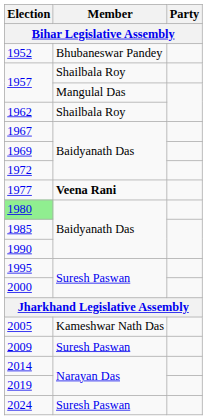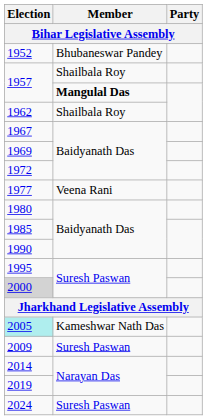 <table class="wikitable sortable">
 <tr>
 <th>Election</th>
 <th>Member</th>
 <th colspan=2>Party</th>
 </tr>
 <tr>
 <th colspan=4><a href='#'>Bihar Legislative Assembly</a></th>
 </tr>
 <tr>
 <td><a href='#'>1952</a></td>
 <td>Bhubaneswar Pandey</td>
 <td></td>
 </tr>
 <tr>
 <td rowspan=2><a href='#'>1957</a></td>
 <td>Shailbala Roy</td>
 <td></td>
 </tr>
 <tr>
-<td>Mangulal Das</td>
+<td><strong>Mangulal Das</strong></td>
 </tr>
 <tr>
 <td><a href='#'>1962</a></td>
 <td>Shailbala Roy</td>
 </tr>
 <tr>
 <td><a href='#'>1967</a></td>
 <td rowspan=3>Baidyanath Das</td>
 <td></td>
 </tr>
 <tr>
 <td><a href='#'>1969</a></td>
 <td></td>
 </tr>
 <tr>
 <td><a href='#'>1972</a></td>
 </tr>
 <tr>
 <td><a href='#'>1977</a></td>
-<td><strong>Veena Rani</strong></td>
+<td>Veena Rani</td>
 <td></td>
 </tr>
 <tr>
-<td style="background: lightgreen;"><a href='#'>1980</a></td>
+<td><a href='#'>1980</a></td>
 <td rowspan=3>Baidyanath Das</td>
 <td></td>
 </tr>
 <tr>
 <td><a href='#'>1985</a></td>
 </tr>
 <tr>
 <td><a href='#'>1990</a></td>
 </tr>
 <tr>
 <td><a href='#'>1995</a></td>
 <td rowspan=2><a href='#'>Suresh Paswan</a></td>
 <td></td>
 </tr>
 <tr>
-<td><a href='#'>2000</a></td>
+<td style="background: lightgrey;"><a href='#'>2000</a></td>
 <td></td>
 </tr>
 <tr>
 <th colspan=4><a href='#'>Jharkhand Legislative Assembly</a></th>
 </tr>
 <tr>
-<td><a href='#'>2005</a></td>
+<td style="background: paleturquoise;"><a href='#'>2005</a></td>
 <td>Kameshwar Nath Das</td>
 <td></td>
 </tr>
 <tr>
 <td><a href='#'>2009</a></td>
 <td><a href='#'>Suresh Paswan</a></td>
 <td></td>
 </tr>
 <tr>
 <td><a href='#'>2014</a></td>
 <td rowspan=2><a href='#'>Narayan Das</a></td>
 <td></td>
 </tr>
 <tr>
 <td><a href='#'>2019</a></td>
 </tr>
 <tr>
 <td><a href='#'>2024</a></td>
 <td><a href='#'>Suresh Paswan</a></td>
 <td></td>
 </tr>
 </table>
